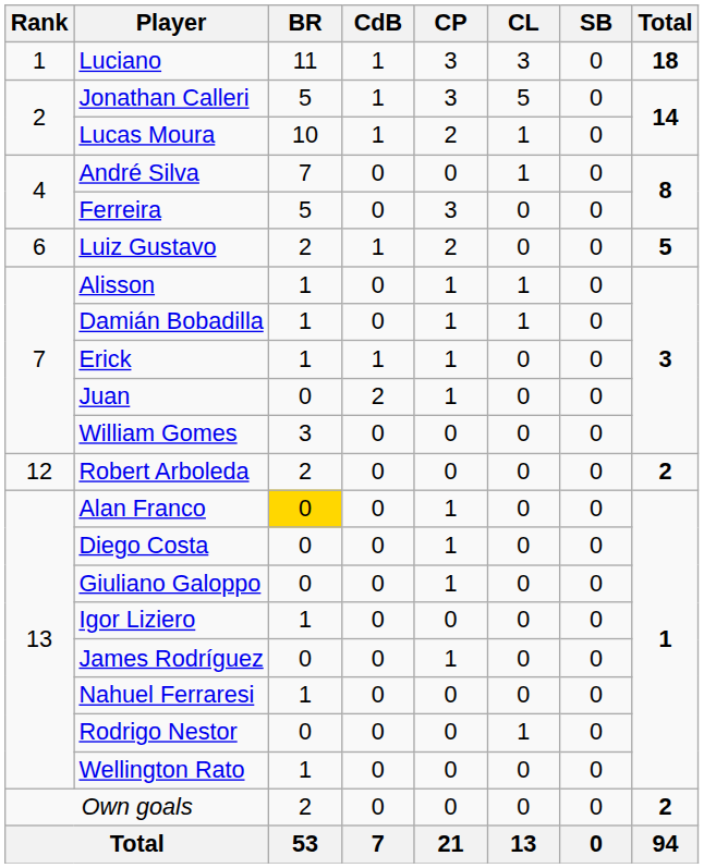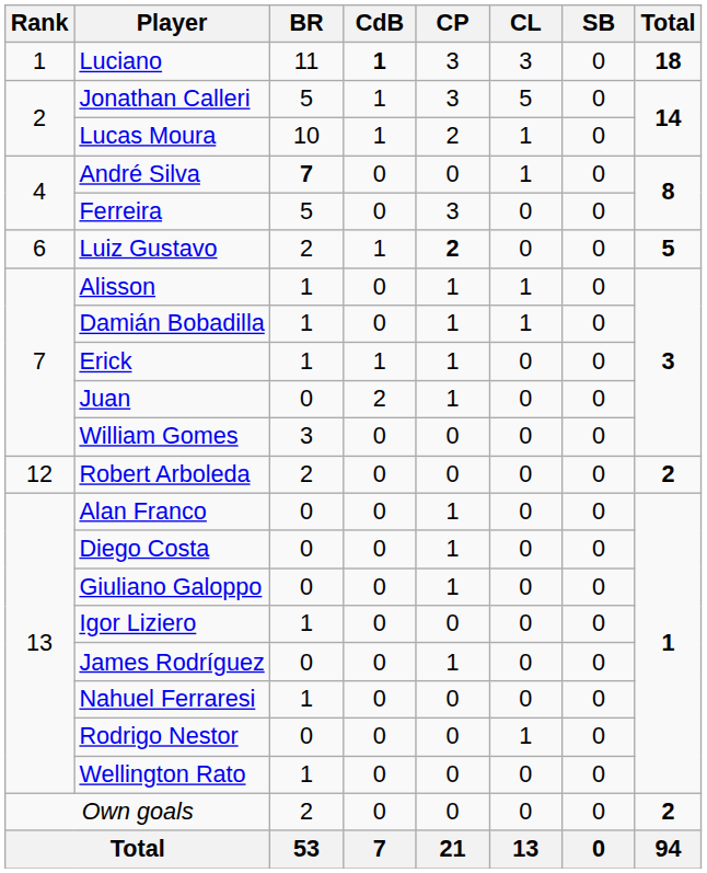 <table class="wikitable sortable" style="text-align:center;">
 <tr>
 <th>Rank</th>
 <th>Player</th>
 <th width=10.5%><abbr>BR</abbr></th>
 <th width=10.5%><abbr>CdB</abbr></th>
 <th width=10.5%><abbr>CP</abbr></th>
 <th width=10.5%><abbr>CL</abbr></th>
 <th width=10.5%><abbr>SB</abbr></th>
 <th>Total</th>
 </tr>
 <tr>
 <td>1</td>
 <td align=left><a href='#'>Luciano</a></td>
 <td>11</td>
-<td>1</td>
+<td><strong>1</strong></td>
 <td>3</td>
 <td>3</td>
 <td>0</td>
 <td><strong>18</strong></td>
 </tr>
 <tr>
 <td rowspan=2>2</td>
 <td align=left><a href='#'>Jonathan Calleri</a></td>
 <td>5</td>
 <td>1</td>
 <td>3</td>
 <td>5</td>
 <td>0</td>
 <td rowspan=2><strong>14</strong></td>
 </tr>
 <tr>
 <td align=left><a href='#'>Lucas Moura</a></td>
 <td>10</td>
 <td>1</td>
 <td>2</td>
 <td>1</td>
 <td>0</td>
 </tr>
 <tr>
 <td rowspan=2>4</td>
 <td align=left><a href='#'>André Silva</a></td>
-<td>7</td>
+<td><strong>7</strong></td>
 <td>0</td>
 <td>0</td>
 <td>1</td>
 <td>0</td>
 <td rowspan=2><strong>8</strong></td>
 </tr>
 <tr>
 <td align=left><a href='#'>Ferreira</a></td>
 <td>5</td>
 <td>0</td>
 <td>3</td>
 <td>0</td>
 <td>0</td>
 </tr>
 <tr>
 <td>6</td>
 <td align=left><a href='#'>Luiz Gustavo</a></td>
 <td>2</td>
 <td>1</td>
-<td>2</td>
+<td><strong>2</strong></td>
 <td>0</td>
 <td>0</td>
 <td><strong>5</strong></td>
 </tr>
 <tr>
 <td rowspan=5>7</td>
 <td align=left><a href='#'>Alisson</a></td>
 <td>1</td>
 <td>0</td>
 <td>1</td>
 <td>1</td>
 <td>0</td>
 <td rowspan=5><strong>3</strong></td>
 </tr>
 <tr>
 <td align=left><a href='#'>Damián Bobadilla</a></td>
 <td>1</td>
 <td>0</td>
 <td>1</td>
 <td>1</td>
 <td>0</td>
 </tr>
 <tr>
 <td align=left><a href='#'>Erick</a></td>
 <td>1</td>
 <td>1</td>
 <td>1</td>
 <td>0</td>
 <td>0</td>
 </tr>
 <tr>
 <td align=left><a href='#'>Juan</a></td>
 <td>0</td>
 <td>2</td>
 <td>1</td>
 <td>0</td>
 <td>0</td>
 </tr>
 <tr>
 <td align=left><a href='#'>William Gomes</a></td>
 <td>3</td>
 <td>0</td>
 <td>0</td>
 <td>0</td>
 <td>0</td>
 </tr>
 <tr>
 <td>12</td>
 <td align=left><a href='#'>Robert Arboleda</a></td>
 <td>2</td>
 <td>0</td>
 <td>0</td>
 <td>0</td>
 <td>0</td>
 <td><strong>2</strong></td>
 </tr>
 <tr>
 <td rowspan=8>13</td>
 <td align=left><a href='#'>Alan Franco</a></td>
-<td style="background: gold;">0</td>
+<td>0</td>
 <td>0</td>
 <td>1</td>
 <td>0</td>
 <td>0</td>
 <td rowspan=8><strong>1</strong></td>
 </tr>
 <tr>
 <td align=left><a href='#'>Diego Costa</a></td>
 <td>0</td>
 <td>0</td>
 <td>1</td>
 <td>0</td>
 <td>0</td>
 </tr>
 <tr>
 <td align=left><a href='#'>Giuliano Galoppo</a></td>
 <td>0</td>
 <td>0</td>
 <td>1</td>
 <td>0</td>
 <td>0</td>
 </tr>
 <tr>
 <td align=left><a href='#'>Igor Liziero</a></td>
 <td>1</td>
 <td>0</td>
 <td>0</td>
 <td>0</td>
 <td>0</td>
 </tr>
 <tr>
 <td align=left><a href='#'>James Rodríguez</a></td>
 <td>0</td>
 <td>0</td>
 <td>1</td>
 <td>0</td>
 <td>0</td>
 </tr>
 <tr>
 <td align=left><a href='#'>Nahuel Ferraresi</a></td>
 <td>1</td>
 <td>0</td>
 <td>0</td>
 <td>0</td>
 <td>0</td>
 </tr>
 <tr>
 <td align=left><a href='#'>Rodrigo Nestor</a></td>
 <td>0</td>
 <td>0</td>
 <td>0</td>
 <td>1</td>
 <td>0</td>
 </tr>
 <tr>
 <td align=left><a href='#'>Wellington Rato</a></td>
 <td>1</td>
 <td>0</td>
 <td>0</td>
 <td>0</td>
 <td>0</td>
 </tr>
 <tr>
 <td align=center colspan=2><em>Own goals</em></td>
 <td>2</td>
 <td>0</td>
 <td>0</td>
 <td>0</td>
 <td>0</td>
 <td><strong>2</strong></td>
 </tr>
 <tr>
 <th colspan=2>Total</th>
 <th>53</th>
 <th>7</th>
 <th>21</th>
 <th>13</th>
 <th>0</th>
 <th>94</th>
 </tr>
 </table>
